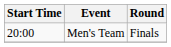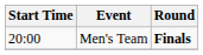 <table class="wikitable">
 <tr>
 <th>Start Time</th>
 <th>Event</th>
 <th>Round</th>
 </tr>
 <tr>
 <td>20:00</td>
 <td>Men's Team</td>
-<td>Finals</td>
+<td><strong>Finals</strong></td>
 </tr>
 <tr>
 </tr>
 </table>
